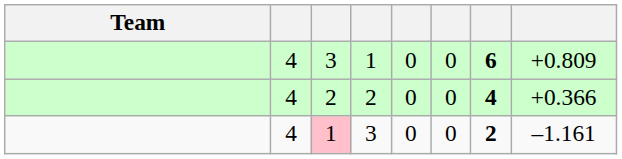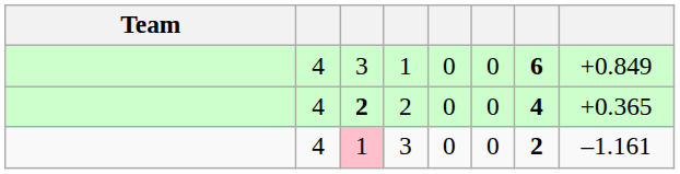 <table class="wikitable" style="text-align:center">
 <tr>
 <th style="width:175px;">Team</th>
 <th style="width:20px;"></th>
 <th style="width:20px;"></th>
 <th style="width:20px;"></th>
 <th style="width:20px;"></th>
 <th style="width:20px;"></th>
 <th style="width:20px;"></th>
 <th style="width:65px;"></th>
 </tr>
 <tr style="background:#cfc">
 <td style="text-align:left"></td>
 <td>4</td>
 <td>3</td>
 <td>1</td>
 <td>0</td>
 <td>0</td>
 <td><strong>6</strong></td>
-<td>+0.809</td>
+<td>+0.849</td>
 </tr>
 <tr style="background:#cfc">
 <td style="text-align:left"></td>
 <td>4</td>
-<td>2</td>
+<td><strong>2</strong></td>
 <td>2</td>
 <td>0</td>
 <td>0</td>
 <td><strong>4</strong></td>
-<td>+0.366</td>
+<td>+0.365</td>
 </tr>
 <tr>
 <td style="text-align:left"></td>
 <td>4</td>
 <td style="background: pink;">1</td>
 <td>3</td>
 <td>0</td>
 <td>0</td>
 <td><strong>2</strong></td>
 <td>–1.161</td>
 </tr>
 </table>
